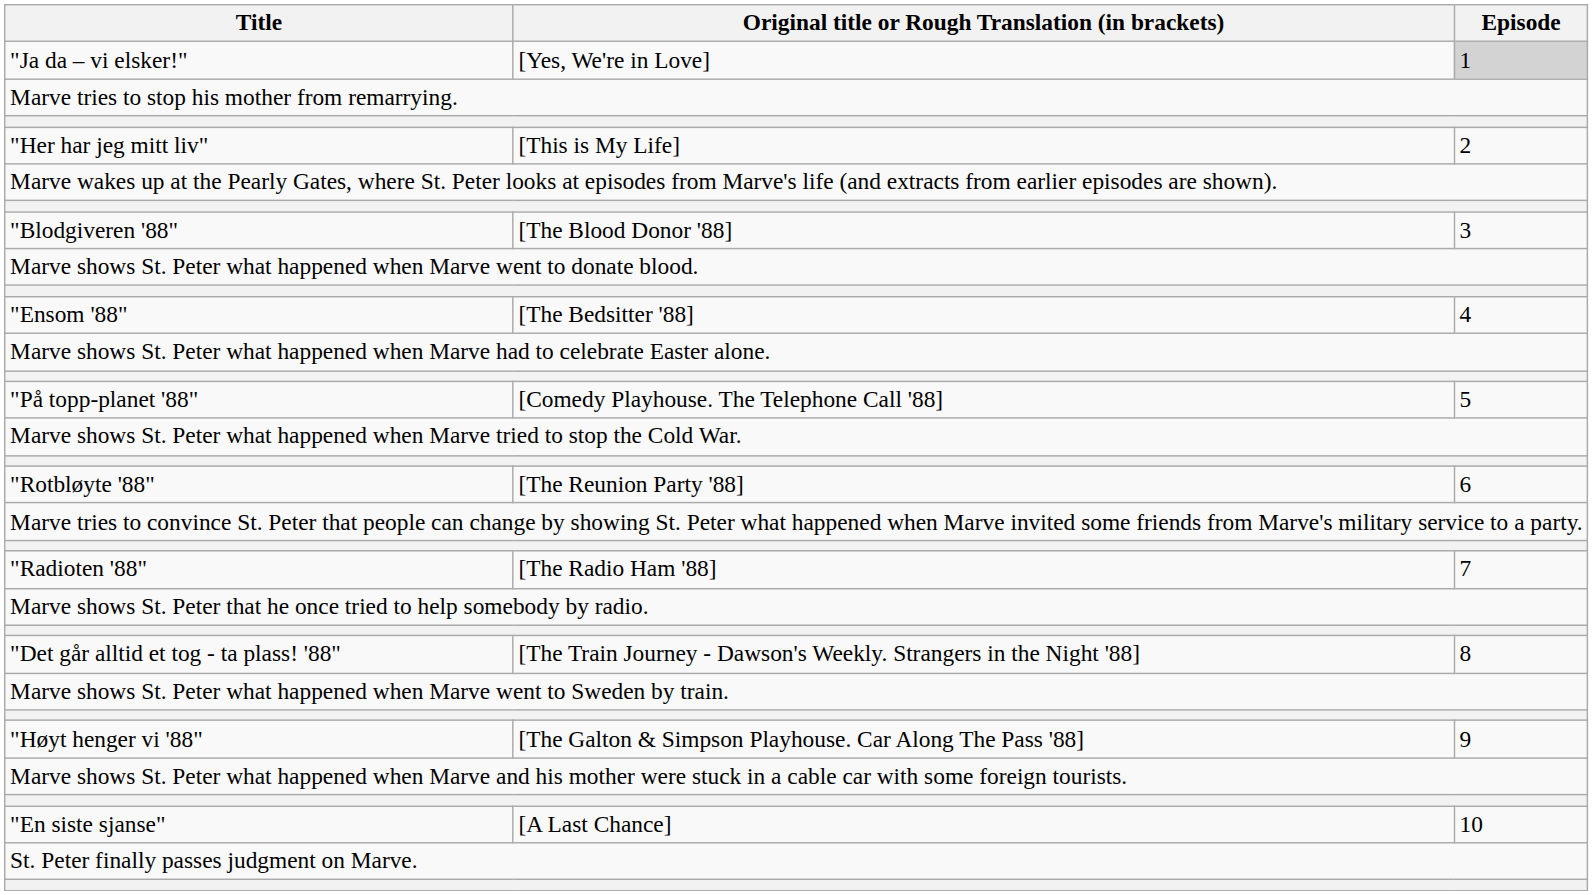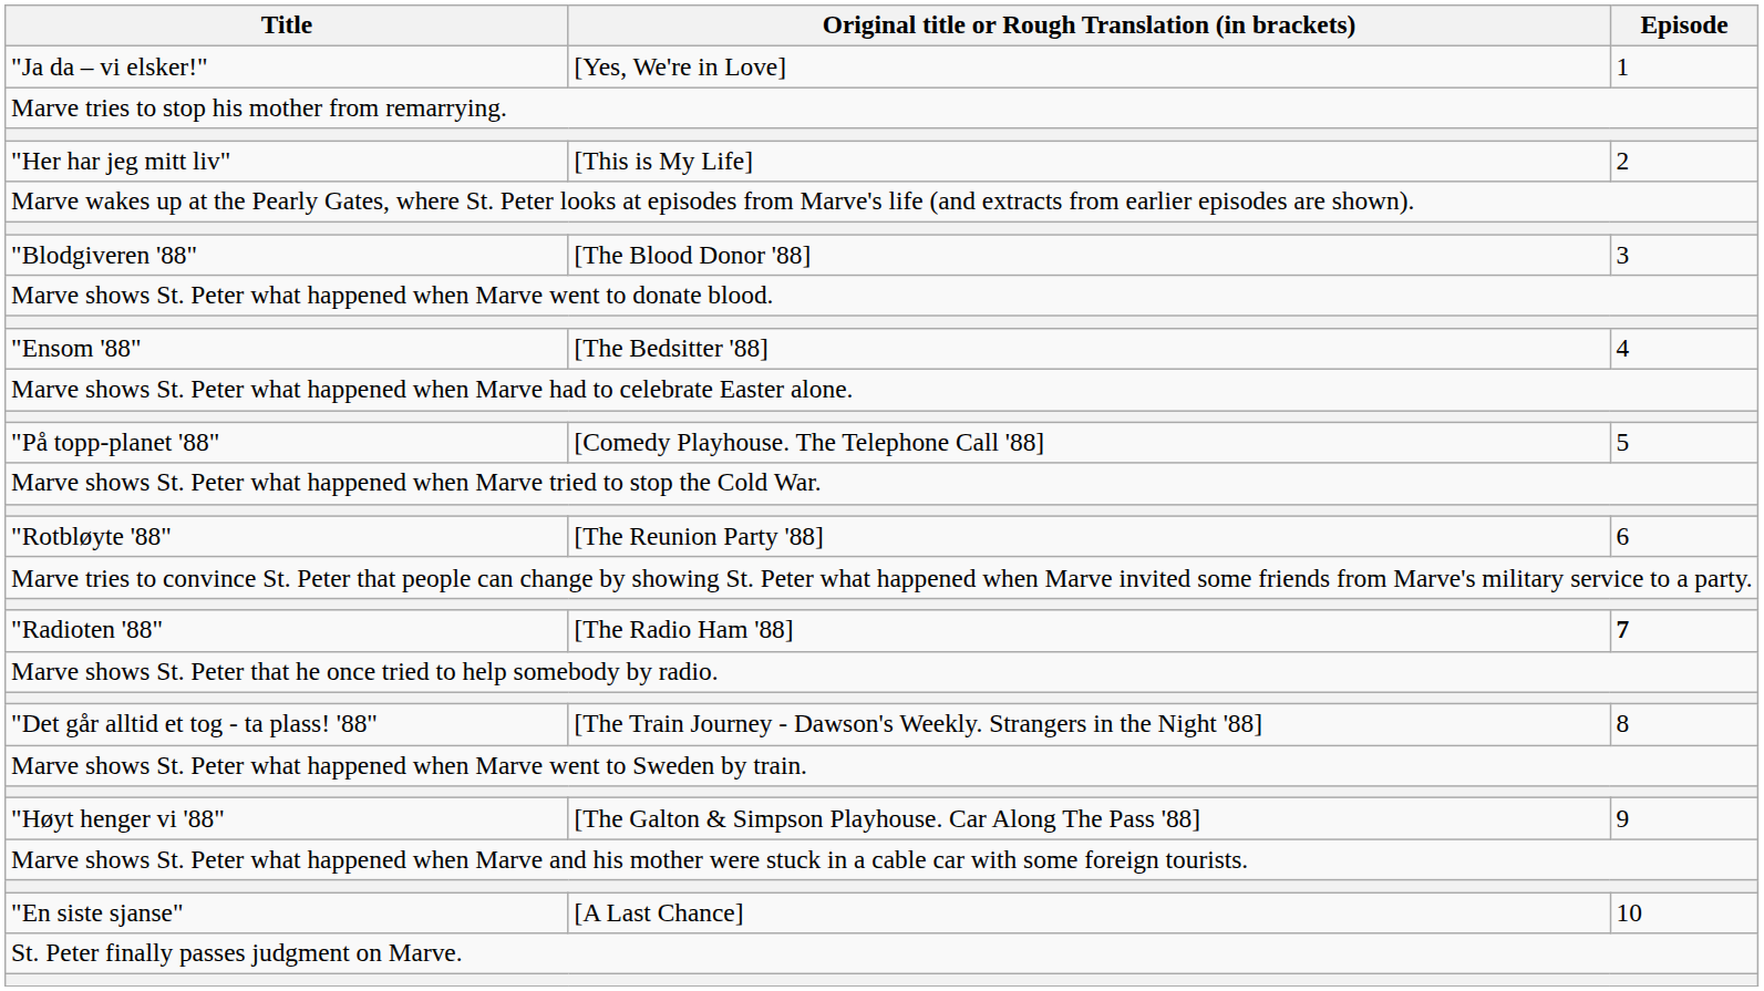 <table class="wikitable">
 <tr>
 <th>Title</th>
 <th>Original title or Rough Translation (in brackets)</th>
 <th>Episode</th>
 </tr>
 <tr>
 <td>"Ja da – vi elsker!"</td>
 <td>[Yes, We're in Love]</td>
-<td style="background: lightgrey;">1</td>
+<td>1</td>
 </tr>
 <tr>
 <td colspan="6">Marve tries to stop his mother from remarrying.</td>
 </tr>
 <tr>
 <td colspan="6" bgcolor="#f2f2f2"></td>
 </tr>
 <tr>
 <td>"Her har jeg mitt liv"</td>
 <td>[This is My Life]</td>
 <td>2</td>
 </tr>
 <tr>
 <td colspan="6">Marve wakes up at the Pearly Gates, where St. Peter looks at episodes from Marve's life (and extracts from earlier episodes are shown).</td>
 </tr>
 <tr>
 <td colspan="6" bgcolor="#f2f2f2"></td>
 </tr>
 <tr>
 <td>"Blodgiveren '88"</td>
 <td>[The Blood Donor '88]</td>
 <td>3</td>
 </tr>
 <tr>
 <td colspan="6">Marve shows St. Peter what happened when Marve went to donate blood.</td>
 </tr>
 <tr>
 <td colspan="6" bgcolor="#f2f2f2"></td>
 </tr>
 <tr>
 <td>"Ensom '88"</td>
 <td>[The Bedsitter '88]</td>
 <td>4</td>
 </tr>
 <tr>
 <td colspan="6">Marve shows St. Peter what happened when Marve had to celebrate Easter alone.</td>
 </tr>
 <tr>
 <td colspan="6" bgcolor="#f2f2f2"></td>
 </tr>
 <tr>
 <td>"På topp-planet '88"</td>
 <td>[Comedy Playhouse. The Telephone Call '88]</td>
 <td>5</td>
 </tr>
 <tr>
 <td colspan="6">Marve shows St. Peter what happened when Marve tried to stop the Cold War.</td>
 </tr>
 <tr>
 <td colspan="6" bgcolor="#f2f2f2"></td>
 </tr>
 <tr>
 <td>"Rotbløyte '88"</td>
 <td>[The Reunion Party '88]</td>
 <td>6</td>
 </tr>
 <tr>
 <td colspan="6">Marve tries to convince St. Peter that people can change by showing St. Peter what happened when Marve invited some friends from Marve's military service to a party.</td>
 </tr>
 <tr>
 <td colspan="6" bgcolor="#f2f2f2"></td>
 </tr>
 <tr>
 <td>"Radioten '88"</td>
 <td>[The Radio Ham '88]</td>
-<td>7</td>
+<td><strong>7</strong></td>
 </tr>
 <tr>
 <td colspan="6">Marve shows St. Peter that he once tried to help somebody by radio.</td>
 </tr>
 <tr>
 <td colspan="6" bgcolor="#f2f2f2"></td>
 </tr>
 <tr>
 <td>"Det går alltid et tog - ta plass! '88"</td>
 <td>[The Train Journey - Dawson's Weekly. Strangers in the Night '88]</td>
 <td>8</td>
 </tr>
 <tr>
 <td colspan="6">Marve shows St. Peter what happened when Marve went to Sweden by train.</td>
 </tr>
 <tr>
 <td colspan="6" bgcolor="#f2f2f2"></td>
 </tr>
 <tr>
 <td>"Høyt henger vi '88"</td>
 <td>[The Galton & Simpson Playhouse. Car Along The Pass '88]</td>
 <td>9</td>
 </tr>
 <tr>
 <td colspan="6">Marve shows St. Peter what happened when Marve and his mother were stuck in a cable car with some foreign tourists.</td>
 </tr>
 <tr>
 <td colspan="6" bgcolor="#f2f2f2"></td>
 </tr>
 <tr>
 <td>"En siste sjanse"</td>
 <td>[A Last Chance]</td>
 <td>10</td>
 </tr>
 <tr>
 <td colspan="6">St. Peter finally passes judgment on Marve.</td>
 </tr>
 <tr>
 <td colspan="6" bgcolor="#f2f2f2"></td>
 </tr>
 <tr>
 </tr>
 </table>
